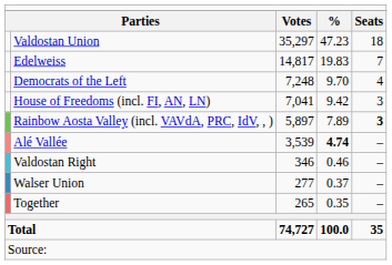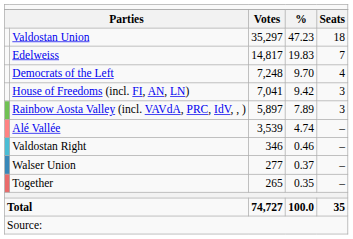 <table class="wikitable">
 <tr>
 <td colspan=5></td>
 </tr>
 <tr>
 </tr>
 <tr style="background-color:#E9E9E9;">
 <th colspan="2">Parties</th>
 <th>Votes</th>
 <th>%</th>
 <th>Seats</th>
 </tr>
 <tr>
 <td></td>
 <td><a href='#'>Valdostan Union</a></td>
 <td align=right>35,297</td>
 <td align=right>47.23</td>
 <td align=right>18</td>
 </tr>
 <tr>
 <td></td>
 <td><a href='#'>Edelweiss</a></td>
 <td align=right>14,817</td>
 <td align=right>19.83</td>
 <td align=right>7</td>
 </tr>
 <tr>
 <td></td>
 <td><a href='#'>Democrats of the Left</a></td>
 <td align=right>7,248</td>
 <td align=right>9.70</td>
 <td align=right>4</td>
 </tr>
 <tr>
 <td></td>
 <td><a href='#'>House of Freedoms</a> (incl. <a href='#'>FI</a>, <a href='#'>AN</a>, <a href='#'>LN</a>)</td>
 <td align=right>7,041</td>
 <td align=right>9.42</td>
 <td align=right>3</td>
 </tr>
 <tr>
 <td bgcolor="#70C154"></td>
 <td><a href='#'>Rainbow Aosta Valley</a> (incl. <a href='#'>VAVdA</a>, <a href='#'>PRC</a>, <a href='#'>IdV</a>, , )</td>
 <td align=right>5,897</td>
 <td align=right>7.89</td>
-<td align=right><strong>3</strong></td>
+<td align=right>3</td>
 </tr>
 <tr>
 <td bgcolor="#FF8282"></td>
 <td><a href='#'>Alé Vallée</a></td>
 <td align=right>3,539</td>
-<td align=right><strong>4.74</strong></td>
+<td align=right>4.74</td>
 <td align=right>–</td>
 </tr>
 <tr>
 <td bgcolor="#4ABDD5"></td>
 <td>Valdostan Right</td>
 <td align=right>346</td>
 <td align=right>0.46</td>
 <td align=right>–</td>
 </tr>
 <tr>
 <td bgcolor="#3888B9"></td>
 <td>Walser Union</td>
 <td align=right>277</td>
 <td align=right>0.37</td>
 <td align=right>–</td>
 </tr>
 <tr>
 <td bgcolor="#EA6B6B"></td>
 <td>Together</td>
 <td align=right>265</td>
 <td align=right>0.35</td>
 <td align=right>–</td>
 </tr>
 <tr>
 <th colspan=5></th>
 </tr>
 <tr>
 <td colspan=2><strong>Total</strong></td>
 <td align=right><strong>74,727</strong></td>
 <td align=right><strong>100.0</strong></td>
 <td align=right><strong>35</strong></td>
 </tr>
 <tr>
 <td colspan=5>Source: </td>
 </tr>
 </table>
